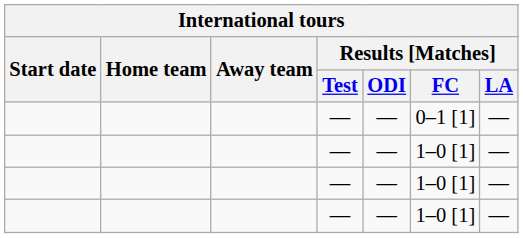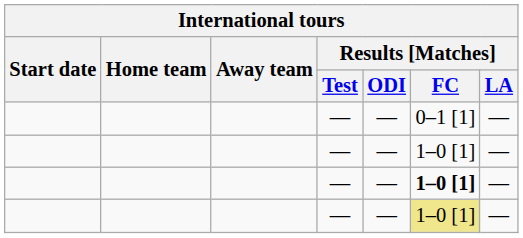 <table class="wikitable">
 <tr>
 <th colspan="7">International tours</th>
 </tr>
 <tr>
 <th rowspan="2">Start date</th>
 <th rowspan="2">Home team</th>
 <th rowspan="2">Away team</th>
 <th colspan="4">Results [Matches]</th>
 </tr>
 <tr>
 <th><a href='#'>Test</a></th>
 <th><a href='#'>ODI</a></th>
 <th><a href='#'>FC</a></th>
 <th><a href='#'>LA</a></th>
 </tr>
 <tr>
 <td><a href='#'></a></td>
 <td></td>
 <td></td>
 <td ; style="text-align:center">—</td>
 <td ; style="text-align:center">—</td>
 <td>0–1 [1]</td>
 <td ; style="text-align:center">—</td>
 </tr>
 <tr>
 <td><a href='#'></a></td>
 <td></td>
 <td></td>
 <td ; style="text-align:center">—</td>
 <td ; style="text-align:center">—</td>
 <td>1–0 [1]</td>
 <td ; style="text-align:center">—</td>
 </tr>
 <tr>
 <td><a href='#'></a></td>
 <td></td>
 <td></td>
 <td ; style="text-align:center">—</td>
 <td ; style="text-align:center">—</td>
-<td>1–0 [1]</td>
+<td><strong>1–0 [1]</strong></td>
 <td ; style="text-align:center">—</td>
 </tr>
 <tr>
 <td><a href='#'></a></td>
 <td></td>
 <td></td>
 <td ; style="text-align:center">—</td>
 <td ; style="text-align:center">—</td>
-<td>1–0 [1]</td>
+<td style="background: khaki;">1–0 [1]</td>
 <td ; style="text-align:center">—</td>
 </tr>
 </table>
